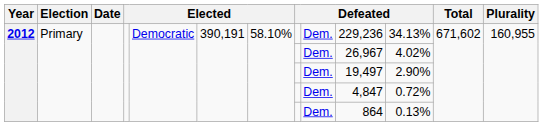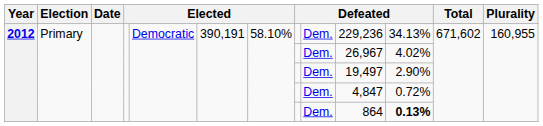 <table class="wikitable">
 <tr>
 <th>Year</th>
 <th>Election</th>
 <th>Date</th>
 <th colspan="4">Elected</th>
 <th colspan="4">Defeated</th>
 <th>Total</th>
 <th>Plurality</th>
 </tr>
 <tr>
 <th rowspan="10" valign="top"><a href='#'>2012</a></th>
 <td rowspan="10" valign="top">Primary</td>
 <td rowspan="10" valign="top"></td>
 <td rowspan="10" valign="top"></td>
 <td valign="top" rowspan="10" ><a href='#'>Democratic</a></td>
 <td rowspan="10" valign="top" align="right">390,191</td>
 <td rowspan="10" valign="top" align="right">58.10%</td>
 <td valign="top"></td>
 <td valign="top" ><a href='#'>Dem.</a></td>
 <td valign="top" align="right">229,236</td>
 <td valign="top" align="right">34.13%</td>
 <td rowspan="10" valign="top" align="right">671,602</td>
 <td rowspan="10" valign="top" align="right">160,955</td>
 </tr>
 <tr>
 <td valign="top"></td>
 <td valign="top" ><a href='#'>Dem.</a></td>
 <td valign="top" align="right">26,967</td>
 <td valign="top" align="right">4.02%</td>
 </tr>
 <tr>
 <td valign="top"></td>
 <td valign="top" ><a href='#'>Dem.</a></td>
 <td valign="top" align="right">19,497</td>
 <td valign="top" align="right">2.90%</td>
 </tr>
 <tr>
 <td valign="top"></td>
 <td valign="top" ><a href='#'>Dem.</a></td>
 <td valign="top" align="right">4,847</td>
 <td valign="top" align="right">0.72%</td>
 </tr>
 <tr>
 <td valign="top"></td>
 <td valign="top" ><a href='#'>Dem.</a></td>
 <td valign="top" align="right">864</td>
-<td valign="top" align="right">0.13%</td>
+<td valign="top" align="right"><strong>0.13%</strong></td>
 </tr>
 </table>
